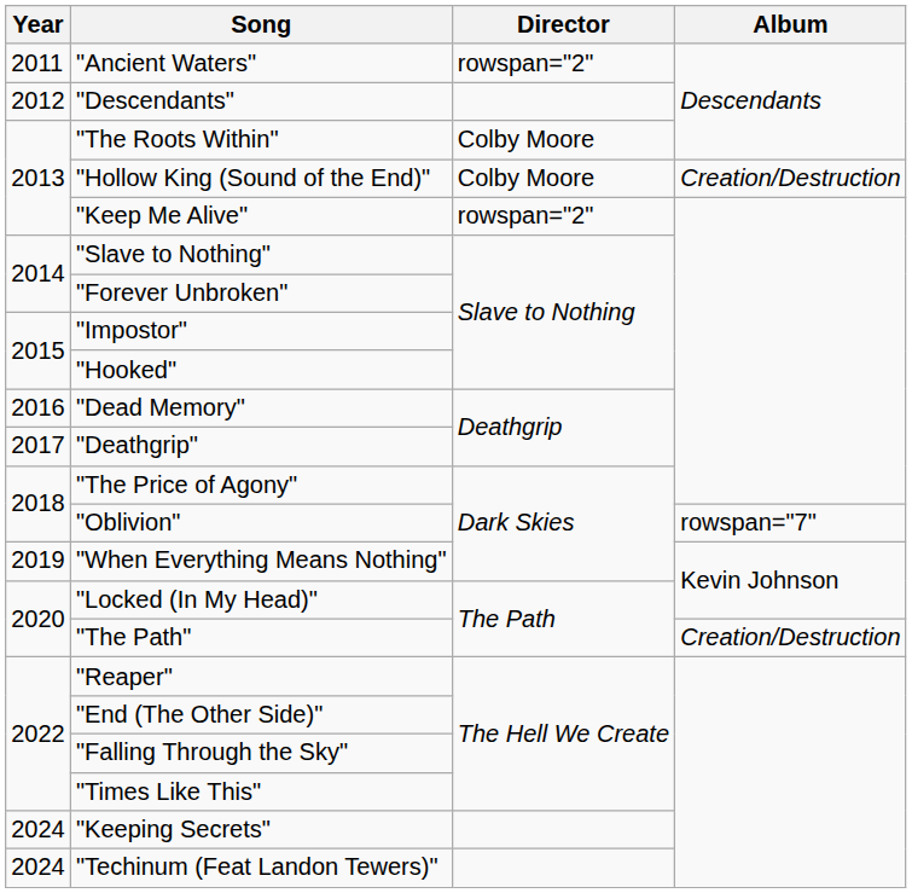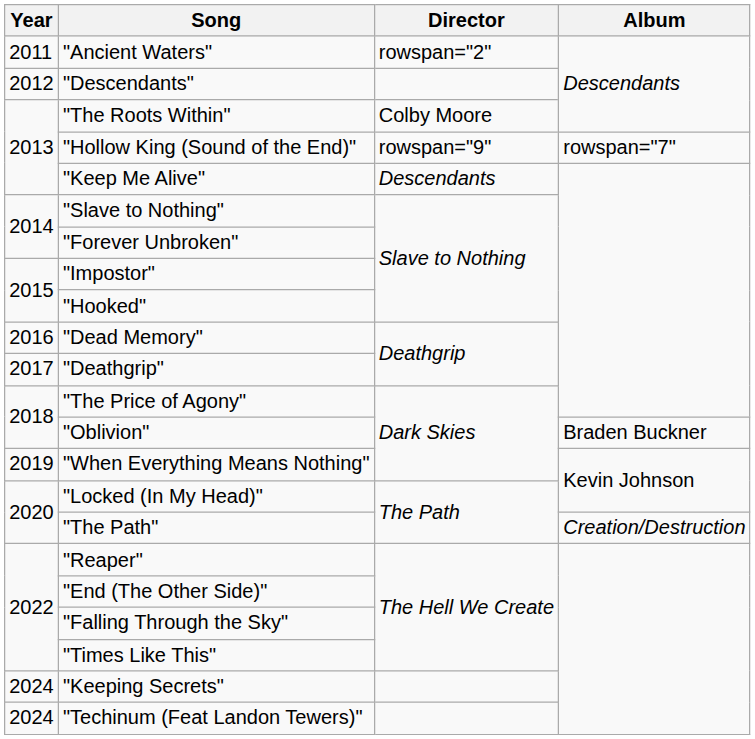 <table class="wikitable">
 <tr>
 <th>Year</th>
 <th>Song</th>
 <th>Director</th>
 <th>Album</th>
 </tr>
 <tr>
 <td>2011</td>
 <td>"Ancient Waters"</td>
 <td>rowspan="2" </td>
 <td rowspan="3"><em>Descendants</em></td>
 </tr>
 <tr>
 <td>2012</td>
 <td>"Descendants"</td>
 </tr>
 <tr>
 <td rowspan="3">2013</td>
 <td>"The Roots Within"</td>
 <td>Colby Moore</td>
 </tr>
 <tr>
 <td>"Hollow King (Sound of the End)"</td>
-<td>Colby Moore</td>
-<td><em>Creation/Destruction</em></td>
+<td>rowspan="9" </td>
+<td>rowspan="7" </td>
 </tr>
 <tr>
 <td>"Keep Me Alive"</td>
-<td>rowspan="2" </td>
+<td><em>Descendants</em></td>
 </tr>
 <tr>
 <td rowspan="2">2014</td>
 <td>"Slave to Nothing"</td>
 <td rowspan="4"><em>Slave to Nothing</em></td>
 </tr>
 <tr>
 <td>"Forever Unbroken"</td>
 </tr>
 <tr>
 <td rowspan="2">2015</td>
 <td>"Impostor"</td>
 </tr>
 <tr>
 <td>"Hooked"</td>
 </tr>
 <tr>
 <td>2016</td>
 <td>"Dead Memory"</td>
 <td rowspan="2"><em>Deathgrip</em></td>
 </tr>
 <tr>
 <td>2017</td>
 <td>"Deathgrip"</td>
 </tr>
 <tr>
 <td rowspan="2">2018</td>
 <td>"The Price of Agony"</td>
 <td rowspan="3"><em>Dark Skies</em></td>
 </tr>
 <tr>
 <td>"Oblivion"</td>
-<td>rowspan="7" </td>
+<td>Braden Buckner</td>
 </tr>
 <tr>
 <td>2019</td>
 <td>"When Everything Means Nothing"</td>
 <td rowspan="2">Kevin Johnson</td>
 </tr>
 <tr>
 <td rowspan="2">2020</td>
 <td>"Locked (In My Head)"</td>
 <td rowspan="2"><em>The Path</em></td>
 </tr>
 <tr>
 <td>"The Path"</td>
 <td><em>Creation/Destruction</em></td>
 </tr>
 <tr>
 <td rowspan="4">2022</td>
 <td>"Reaper"</td>
 <td rowspan="4"><em>The Hell We Create</em></td>
 </tr>
 <tr>
 <td>"End (The Other Side)"</td>
 </tr>
 <tr>
 <td>"Falling Through the Sky"</td>
 </tr>
 <tr>
 <td>"Times Like This"</td>
 </tr>
 <tr>
 <td>2024</td>
 <td>"Keeping Secrets"</td>
 <td></td>
 </tr>
 <tr>
 <td>2024</td>
 <td>"Techinum (Feat Landon Tewers)"</td>
 <td></td>
 </tr>
 </table>
